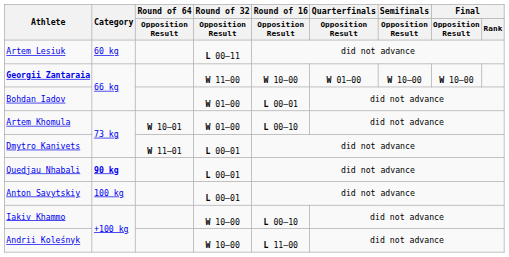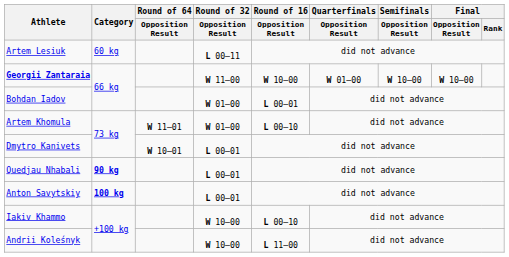 <table class="wikitable" style="text-align:center; font-size:90%">
 <tr>
 <th rowspan=2>Athlete</th>
 <th rowspan=2>Category</th>
 <th>Round of 64</th>
 <th>Round of 32</th>
 <th>Round of 16</th>
 <th>Quarterfinals</th>
 <th>Semifinals</th>
 <th colspan=2>Final</th>
 </tr>
 <tr style="font-size:95%">
 <th>Opposition<br>Result</th>
 <th>Opposition<br>Result</th>
 <th>Opposition<br>Result</th>
 <th>Opposition<br>Result</th>
 <th>Opposition<br>Result</th>
 <th>Opposition<br>Result</th>
 <th>Rank</th>
 </tr>
 <tr>
 <td align=left><a href='#'>Artem Lesiuk</a></td>
 <td align=left><a href='#'>60 kg</a></td>
 <td></td>
 <td><br> <strong>L</strong> 00–11</td>
 <td colspan=5>did not advance</td>
 </tr>
 <tr>
 <td align=left><strong><a href='#'>Georgii Zantaraia</a></strong></td>
 <td align=left rowspan="2"><a href='#'>66 kg</a></td>
 <td></td>
 <td><br> <strong>W</strong> 11–00</td>
 <td><br> <strong>W</strong> 10–00</td>
 <td><br> <strong>W</strong> 01–00</td>
 <td><br> <strong>W</strong> 10–00</td>
 <td><br> <strong>W</strong> 10–00</td>
 <td></td>
 </tr>
 <tr>
 <td align=left><a href='#'>Bohdan Iadov</a></td>
 <td></td>
 <td><br> <strong>W</strong> 01–00</td>
 <td><br> <strong>L</strong> 00–01</td>
 <td colspan=4>did not advance</td>
 </tr>
 <tr>
 <td align=left><a href='#'>Artem Khomula</a></td>
 <td align=left rowspan="2"><a href='#'>73 kg</a></td>
-<td><br> <strong>W</strong> 10–01</td>
+<td><br> <strong>W</strong> 11–01</td>
 <td><br> <strong>W</strong> 01–00</td>
 <td><br> <strong>L</strong> 00–10</td>
 <td colspan=4>did not advance</td>
 </tr>
 <tr>
 <td align=left><a href='#'>Dmytro Kanivets</a></td>
-<td><br> <strong>W</strong> 11–01</td>
+<td><br> <strong>W</strong> 10–01</td>
 <td><br> <strong>L</strong> 00–01</td>
 <td colspan=5>did not advance</td>
 </tr>
 <tr>
 <td align=left><a href='#'>Quedjau Nhabali</a></td>
 <td align=left><strong><a href='#'>90 kg</a></strong></td>
 <td></td>
 <td><br> <strong>L</strong> 00–01</td>
 <td colspan=5>did not advance</td>
 </tr>
 <tr>
 <td align=left><a href='#'>Anton Savytskiy</a></td>
-<td align=left><a href='#'>100 kg</a></td>
+<td align=left><strong><a href='#'>100 kg</a></strong></td>
 <td></td>
 <td><br> <strong>L</strong> 00–01</td>
 <td colspan=5>did not advance</td>
 </tr>
 <tr>
 <td align=left><a href='#'>Iakiv Khammo</a></td>
 <td align=left rowspan="2"><a href='#'>+100 kg</a></td>
 <td></td>
 <td><br> <strong>W</strong> 10–00</td>
 <td><br> <strong>L</strong> 00–10</td>
 <td colspan=4>did not advance</td>
 </tr>
 <tr>
 <td align=left><a href='#'>Andrii Koleśnyk</a></td>
 <td></td>
 <td><br> <strong>W</strong> 10–00</td>
 <td><br> <strong>L</strong> 11–00</td>
 <td colspan=4>did not advance</td>
 </tr>
 </table>
